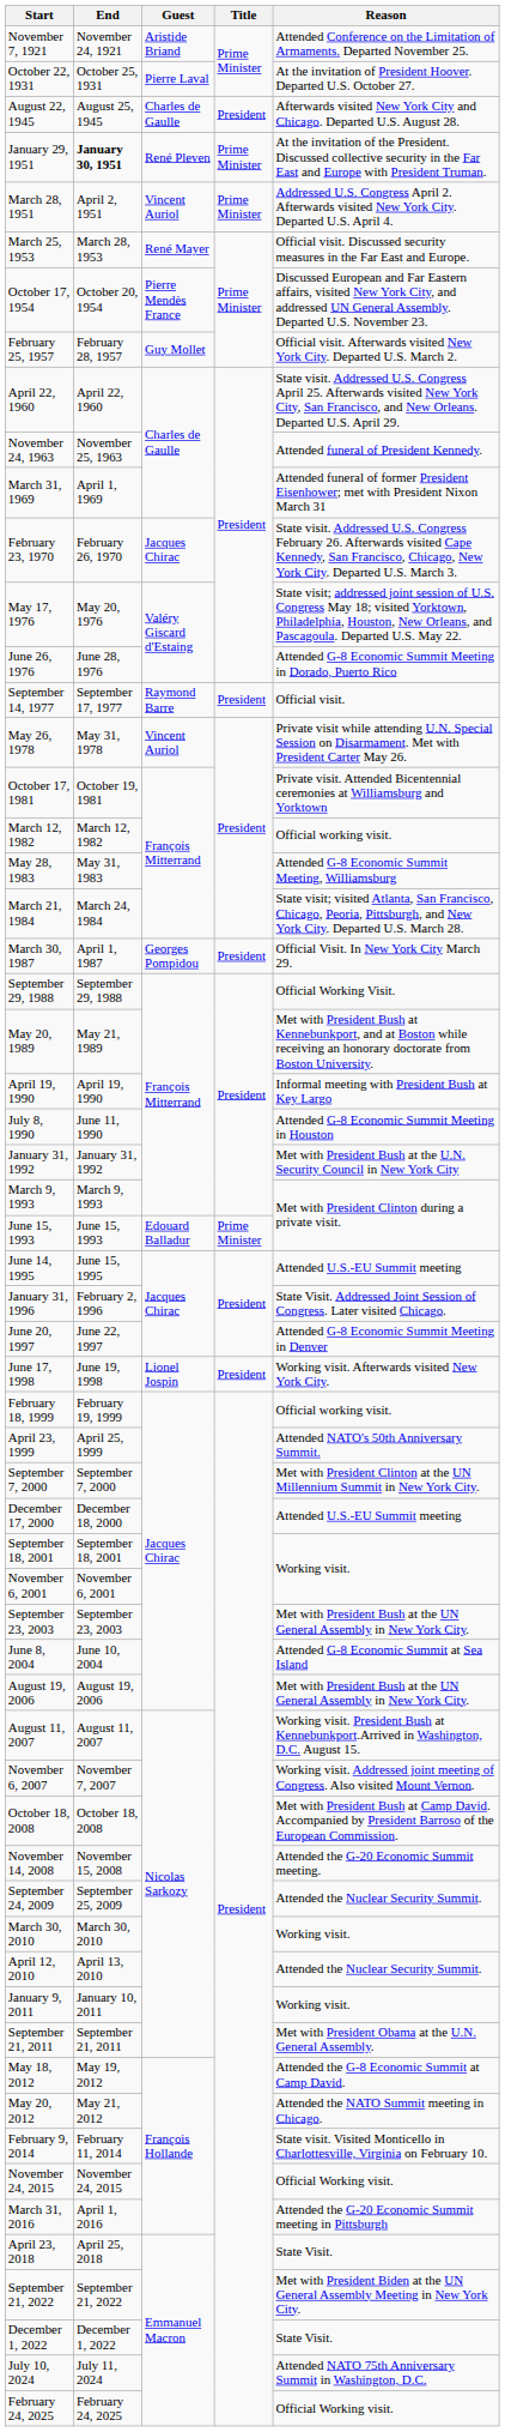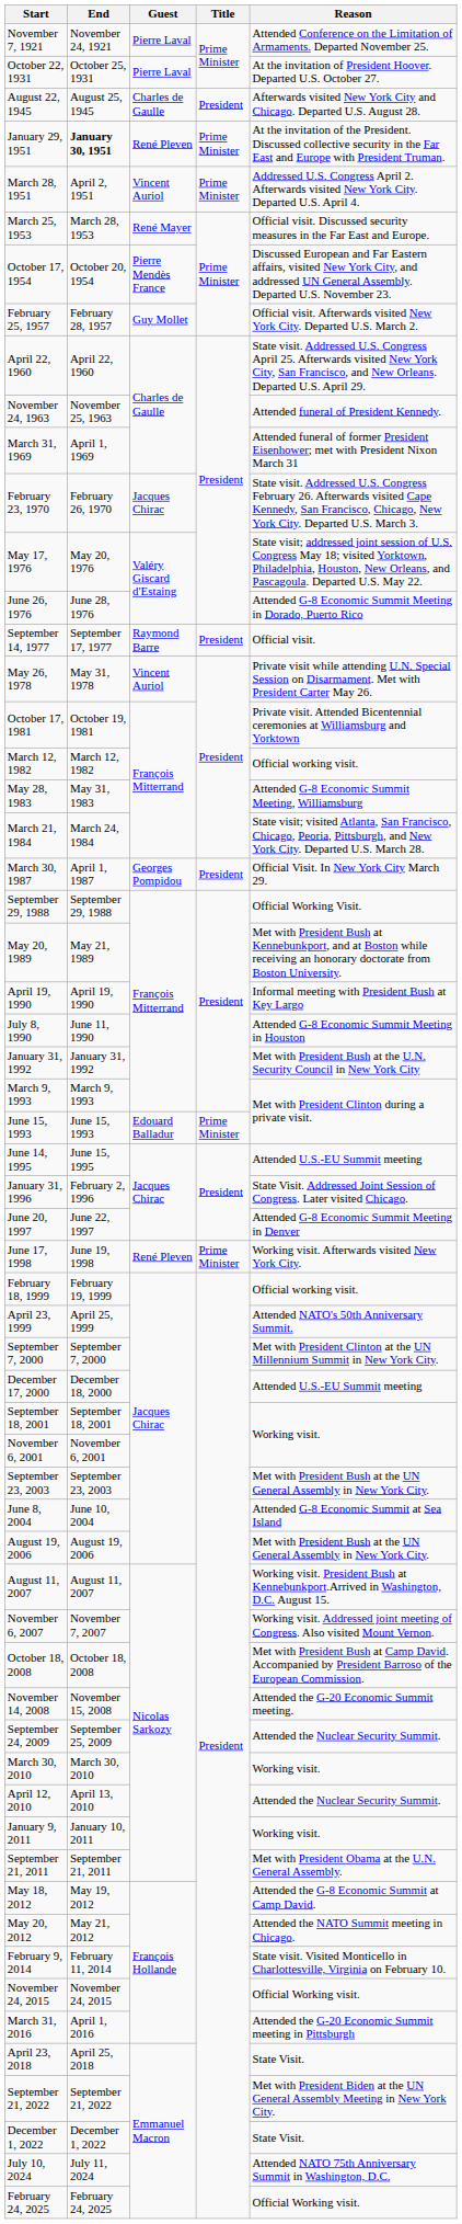 <table class="wikitable sortable">
 <tr>
 <th>Start</th>
 <th>End</th>
 <th>Guest</th>
 <th>Title</th>
 <th>Reason</th>
 </tr>
 <tr>
 <td>November 7, 1921</td>
 <td>November 24, 1921</td>
-<td><a href='#'>Aristide Briand</a></td>
+<td><a href='#'>Pierre Laval</a></td>
 <td rowspan="2"><a href='#'>Prime Minister</a></td>
 <td>Attended <a href='#'>Conference on the Limitation of Armaments.</a> Departed November 25.</td>
 </tr>
 <tr>
 <td>October 22, 1931</td>
 <td>October 25, 1931</td>
 <td><a href='#'>Pierre Laval</a></td>
 <td>At the invitation of <a href='#'>President Hoover</a>. Departed U.S. October 27.</td>
 </tr>
 <tr>
 <td>August 22, 1945</td>
 <td>August 25, 1945</td>
 <td><a href='#'>Charles de Gaulle</a></td>
 <td><a href='#'>President</a></td>
 <td>Afterwards visited <a href='#'>New York City</a> and <a href='#'>Chicago</a>. Departed U.S. August 28.</td>
 </tr>
 <tr>
 <td>January 29, 1951</td>
 <td><strong>January 30, 1951</strong></td>
 <td><a href='#'>René Pleven</a></td>
 <td><a href='#'>Prime Minister</a></td>
 <td>At the invitation of the President. Discussed collective security in the <a href='#'>Far East</a> and <a href='#'>Europe</a> with <a href='#'>President Truman</a>.</td>
 </tr>
 <tr>
 <td>March 28, 1951</td>
 <td>April 2, 1951</td>
 <td><a href='#'>Vincent Auriol</a></td>
 <td><a href='#'>Prime Minister</a></td>
 <td><a href='#'>Addressed U.S. Congress</a> April 2. Afterwards visited <a href='#'>New York City</a>. Departed U.S. April 4.</td>
 </tr>
 <tr>
 <td>March 25, 1953</td>
 <td>March 28, 1953</td>
 <td><a href='#'>René Mayer</a></td>
 <td rowspan="3"><a href='#'>Prime Minister</a></td>
 <td>Official visit. Discussed security measures in the Far East and Europe.</td>
 </tr>
 <tr>
 <td>October 17, 1954</td>
 <td>October 20, 1954</td>
 <td><a href='#'>Pierre Mendès France</a></td>
 <td>Discussed European and Far Eastern affairs, visited <a href='#'>New York City</a>, and addressed <a href='#'>UN General Assembly</a>. Departed U.S. November 23.</td>
 </tr>
 <tr>
 <td>February 25, 1957</td>
 <td>February 28, 1957</td>
 <td><a href='#'>Guy Mollet</a></td>
 <td>Official visit. Afterwards visited <a href='#'>New York City</a>. Departed U.S. March 2.</td>
 </tr>
 <tr>
 <td>April 22, 1960</td>
 <td>April 22, 1960</td>
 <td rowspan=3><a href='#'>Charles de Gaulle</a></td>
 <td rowspan="6"><a href='#'>President</a></td>
 <td>State visit. <a href='#'>Addressed U.S. Congress</a> April 25. Afterwards visited <a href='#'>New York City</a>, <a href='#'>San Francisco</a>, and <a href='#'>New Orleans</a>. Departed U.S. April 29.</td>
 </tr>
 <tr>
 <td>November 24, 1963</td>
 <td>November 25, 1963</td>
 <td>Attended <a href='#'>funeral of President Kennedy</a>.</td>
 </tr>
 <tr>
 <td>March 31, 1969</td>
 <td>April 1, 1969</td>
 <td>Attended funeral of former <a href='#'>President Eisenhower</a>; met with President Nixon March 31</td>
 </tr>
 <tr>
 <td>February 23, 1970</td>
 <td>February 26, 1970</td>
 <td><a href='#'>Jacques Chirac</a></td>
 <td>State visit. <a href='#'>Addressed U.S. Congress</a> February 26. Afterwards visited <a href='#'>Cape Kennedy</a>, <a href='#'>San Francisco</a>, <a href='#'>Chicago</a>, <a href='#'>New York City</a>. Departed U.S. March 3.</td>
 </tr>
 <tr>
 <td>May 17, 1976</td>
 <td>May 20, 1976</td>
 <td rowspan=2><a href='#'>Valéry Giscard d'Estaing</a></td>
 <td>State visit; <a href='#'>addressed joint session of U.S. Congress</a> May 18; visited <a href='#'>Yorktown</a>, <a href='#'>Philadelphia</a>, <a href='#'>Houston</a>, <a href='#'>New Orleans</a>, and <a href='#'>Pascagoula</a>. Departed U.S. May 22.</td>
 </tr>
 <tr>
 <td>June 26, 1976</td>
 <td>June 28, 1976</td>
 <td>Attended <a href='#'>G-8 Economic Summit Meeting</a> in <a href='#'>Dorado, Puerto Rico</a></td>
 </tr>
 <tr>
 <td>September 14, 1977</td>
 <td>September 17, 1977</td>
 <td><a href='#'>Raymond Barre</a></td>
 <td><a href='#'>President</a></td>
 <td>Official visit.</td>
 </tr>
 <tr>
 <td>May 26, 1978</td>
 <td>May 31, 1978</td>
 <td><a href='#'>Vincent Auriol</a></td>
 <td rowspan="5"><a href='#'>President</a></td>
 <td>Private visit while attending <a href='#'>U.N. Special Session</a> on <a href='#'>Disarmament</a>. Met with <a href='#'>President Carter</a> May 26.</td>
 </tr>
 <tr>
 <td>October 17, 1981</td>
 <td>October 19, 1981</td>
 <td rowspan=4><a href='#'>François Mitterrand</a></td>
 <td>Private visit. Attended Bicentennial ceremonies at <a href='#'>Williamsburg</a> and <a href='#'>Yorktown</a></td>
 </tr>
 <tr>
 <td>March 12, 1982</td>
 <td>March 12, 1982</td>
 <td>Official working visit.</td>
 </tr>
 <tr>
 <td>May 28, 1983</td>
 <td>May 31, 1983</td>
 <td>Attended <a href='#'>G-8 Economic Summit Meeting</a>, <a href='#'>Williamsburg</a></td>
 </tr>
 <tr>
 <td>March 21, 1984</td>
 <td>March 24, 1984</td>
 <td>State visit; visited <a href='#'>Atlanta</a>, <a href='#'>San Francisco</a>, <a href='#'>Chicago</a>, <a href='#'>Peoria</a>, <a href='#'>Pittsburgh</a>, and <a href='#'>New York City</a>. Departed U.S. March 28.</td>
 </tr>
 <tr>
 <td>March 30, 1987</td>
 <td>April 1, 1987</td>
 <td><a href='#'>Georges Pompidou</a></td>
 <td><a href='#'>President</a></td>
 <td>Official Visit. In <a href='#'>New York City</a> March 29.</td>
 </tr>
 <tr>
 <td>September 29, 1988</td>
 <td>September 29, 1988</td>
 <td rowspan=6><a href='#'>François Mitterrand</a></td>
 <td rowspan="6"><a href='#'>President</a></td>
 <td>Official Working Visit.</td>
 </tr>
 <tr>
 <td>May 20, 1989</td>
 <td>May 21, 1989</td>
 <td>Met with <a href='#'>President Bush</a> at <a href='#'>Kennebunkport</a>, and at <a href='#'>Boston</a> while receiving an honorary doctorate from <a href='#'>Boston University</a>.</td>
 </tr>
 <tr>
 <td>April 19, 1990</td>
 <td>April 19, 1990</td>
 <td>Informal meeting with <a href='#'>President Bush</a> at <a href='#'>Key Largo</a></td>
 </tr>
 <tr>
 <td>July 8, 1990</td>
 <td>June 11, 1990</td>
 <td>Attended <a href='#'>G-8 Economic Summit Meeting</a> in <a href='#'>Houston</a></td>
 </tr>
 <tr>
 <td>January 31, 1992</td>
 <td>January 31, 1992</td>
 <td>Met with <a href='#'>President Bush</a> at the <a href='#'>U.N. Security Council</a> in <a href='#'>New York City</a></td>
 </tr>
 <tr>
 <td>March 9, 1993</td>
 <td>March 9, 1993</td>
 <td rowspan=2>Met with <a href='#'>President Clinton</a> during a private visit.</td>
 </tr>
 <tr>
 <td>June 15, 1993</td>
 <td>June 15, 1993</td>
 <td><a href='#'>Edouard Balladur</a></td>
 <td><a href='#'>Prime Minister</a></td>
 </tr>
 <tr>
 <td>June 14, 1995</td>
 <td>June 15, 1995</td>
 <td rowspan=3><a href='#'>Jacques Chirac</a></td>
 <td rowspan="3"><a href='#'>President</a></td>
 <td>Attended <a href='#'>U.S.-EU Summit</a> meeting</td>
 </tr>
 <tr>
 <td>January 31, 1996</td>
 <td>February 2, 1996</td>
 <td>State Visit. <a href='#'>Addressed Joint Session of Congress</a>. Later visited <a href='#'>Chicago</a>.</td>
 </tr>
 <tr>
 <td>June 20, 1997</td>
 <td>June 22, 1997</td>
 <td>Attended <a href='#'>G-8 Economic Summit Meeting</a> in <a href='#'>Denver</a></td>
 </tr>
 <tr>
 <td>June 17, 1998</td>
 <td>June 19, 1998</td>
-<td><a href='#'>Lionel Jospin</a></td>
-<td><a href='#'>President</a></td>
+<td><a href='#'>René Pleven</a></td>
+<td><a href='#'>Prime Minister</a></td>
 <td>Working visit. Afterwards visited <a href='#'>New York City</a>.</td>
 </tr>
 <tr>
 <td>February 18, 1999</td>
 <td>February 19, 1999</td>
 <td rowspan=9><a href='#'>Jacques Chirac</a></td>
 <td rowspan="28"><a href='#'>President</a></td>
 <td>Official working visit.</td>
 </tr>
 <tr>
 <td>April 23, 1999</td>
 <td>April 25, 1999</td>
 <td>Attended <a href='#'>NATO's 50th Anniversary Summit.</a></td>
 </tr>
 <tr>
 <td>September 7, 2000</td>
 <td>September 7, 2000</td>
 <td>Met with <a href='#'>President Clinton</a> at the <a href='#'>UN Millennium Summit</a> in <a href='#'>New York City</a>.</td>
 </tr>
 <tr>
 <td>December 17, 2000</td>
 <td>December 18, 2000</td>
 <td>Attended <a href='#'>U.S.-EU Summit</a> meeting</td>
 </tr>
 <tr>
 <td>September 18, 2001</td>
 <td>September 18, 2001</td>
 <td rowspan=2>Working visit.</td>
 </tr>
 <tr>
 <td>November 6, 2001</td>
 <td>November 6, 2001</td>
 </tr>
 <tr>
 <td>September 23, 2003</td>
 <td>September 23, 2003</td>
 <td>Met with <a href='#'>President Bush</a> at the <a href='#'>UN General Assembly</a> in <a href='#'>New York City</a>.</td>
 </tr>
 <tr>
 <td>June 8, 2004</td>
 <td>June 10, 2004</td>
 <td>Attended <a href='#'>G-8 Economic Summit</a> at <a href='#'>Sea Island</a></td>
 </tr>
 <tr>
 <td>August 19, 2006</td>
 <td>August 19, 2006</td>
 <td>Met with <a href='#'>President Bush</a> at the <a href='#'>UN General Assembly</a> in <a href='#'>New York City</a>.</td>
 </tr>
 <tr>
 <td>August 11, 2007</td>
 <td>August 11, 2007</td>
 <td rowspan=9><a href='#'>Nicolas Sarkozy</a></td>
 <td>Working visit. <a href='#'>President Bush</a> at <a href='#'>Kennebunkport</a>.Arrived in <a href='#'>Washington, D.C.</a> August 15.</td>
 </tr>
 <tr>
 <td>November 6, 2007</td>
 <td>November 7, 2007</td>
 <td>Working visit. <a href='#'>Addressed joint meeting of Congress</a>. Also visited <a href='#'>Mount Vernon</a>.</td>
 </tr>
 <tr>
 <td>October 18, 2008</td>
 <td>October 18, 2008</td>
 <td>Met with <a href='#'>President Bush</a> at <a href='#'>Camp David</a>. Accompanied by <a href='#'>President Barroso</a> of the <a href='#'>European Commission</a>.</td>
 </tr>
 <tr>
 <td>November 14, 2008</td>
 <td>November 15, 2008</td>
 <td>Attended the <a href='#'>G-20 Economic Summit</a> meeting.</td>
 </tr>
 <tr>
 <td>September 24, 2009</td>
 <td>September 25, 2009</td>
 <td>Attended the <a href='#'>Nuclear Security Summit</a>.</td>
 </tr>
 <tr>
 <td>March 30, 2010</td>
 <td>March 30, 2010</td>
 <td>Working visit.</td>
 </tr>
 <tr>
 <td>April 12, 2010</td>
 <td>April 13, 2010</td>
 <td>Attended the <a href='#'>Nuclear Security Summit</a>.</td>
 </tr>
 <tr>
 <td>January 9, 2011</td>
 <td>January 10, 2011</td>
 <td>Working visit.</td>
 </tr>
 <tr>
 <td>September 21, 2011</td>
 <td>September 21, 2011</td>
 <td>Met with <a href='#'>President Obama</a> at the <a href='#'>U.N. General Assembly</a>.</td>
 </tr>
 <tr>
 <td>May 18, 2012</td>
 <td>May 19, 2012</td>
 <td rowspan=5><a href='#'>François Hollande</a></td>
 <td>Attended the <a href='#'>G-8 Economic Summit</a> at <a href='#'>Camp David</a>.</td>
 </tr>
 <tr>
 <td>May 20, 2012</td>
 <td>May 21, 2012</td>
 <td>Attended the <a href='#'>NATO Summit</a> meeting in <a href='#'>Chicago</a>.</td>
 </tr>
 <tr>
 <td>February 9, 2014</td>
 <td>February 11, 2014</td>
 <td>State visit. Visited Monticello in <a href='#'>Charlottesville, Virginia</a> on February 10.</td>
 </tr>
 <tr>
 <td>November 24, 2015</td>
 <td>November 24, 2015</td>
 <td>Official Working visit.</td>
 </tr>
 <tr>
 <td>March 31, 2016</td>
 <td>April 1, 2016</td>
 <td>Attended the <a href='#'>G-20 Economic Summit</a> meeting in <a href='#'>Pittsburgh</a></td>
 </tr>
 <tr>
 <td>April 23, 2018</td>
 <td>April 25, 2018</td>
 <td rowspan=5><a href='#'>Emmanuel Macron</a></td>
 <td>State Visit.</td>
 </tr>
 <tr>
 <td>September 21, 2022</td>
 <td>September 21, 2022</td>
 <td>Met with <a href='#'>President Biden</a> at the <a href='#'>UN General Assembly Meeting</a> in <a href='#'>New York City</a>.</td>
 </tr>
 <tr>
 <td>December 1, 2022</td>
 <td>December 1, 2022</td>
 <td>State Visit.</td>
 </tr>
 <tr>
 <td>July 10, 2024</td>
 <td>July 11, 2024</td>
 <td>Attended <a href='#'>NATO 75th Anniversary Summit</a> in <a href='#'>Washington, D.C.</a></td>
 </tr>
 <tr>
 <td>February 24, 2025</td>
 <td>February 24, 2025</td>
 <td>Official Working visit.</td>
 </tr>
 </table>
